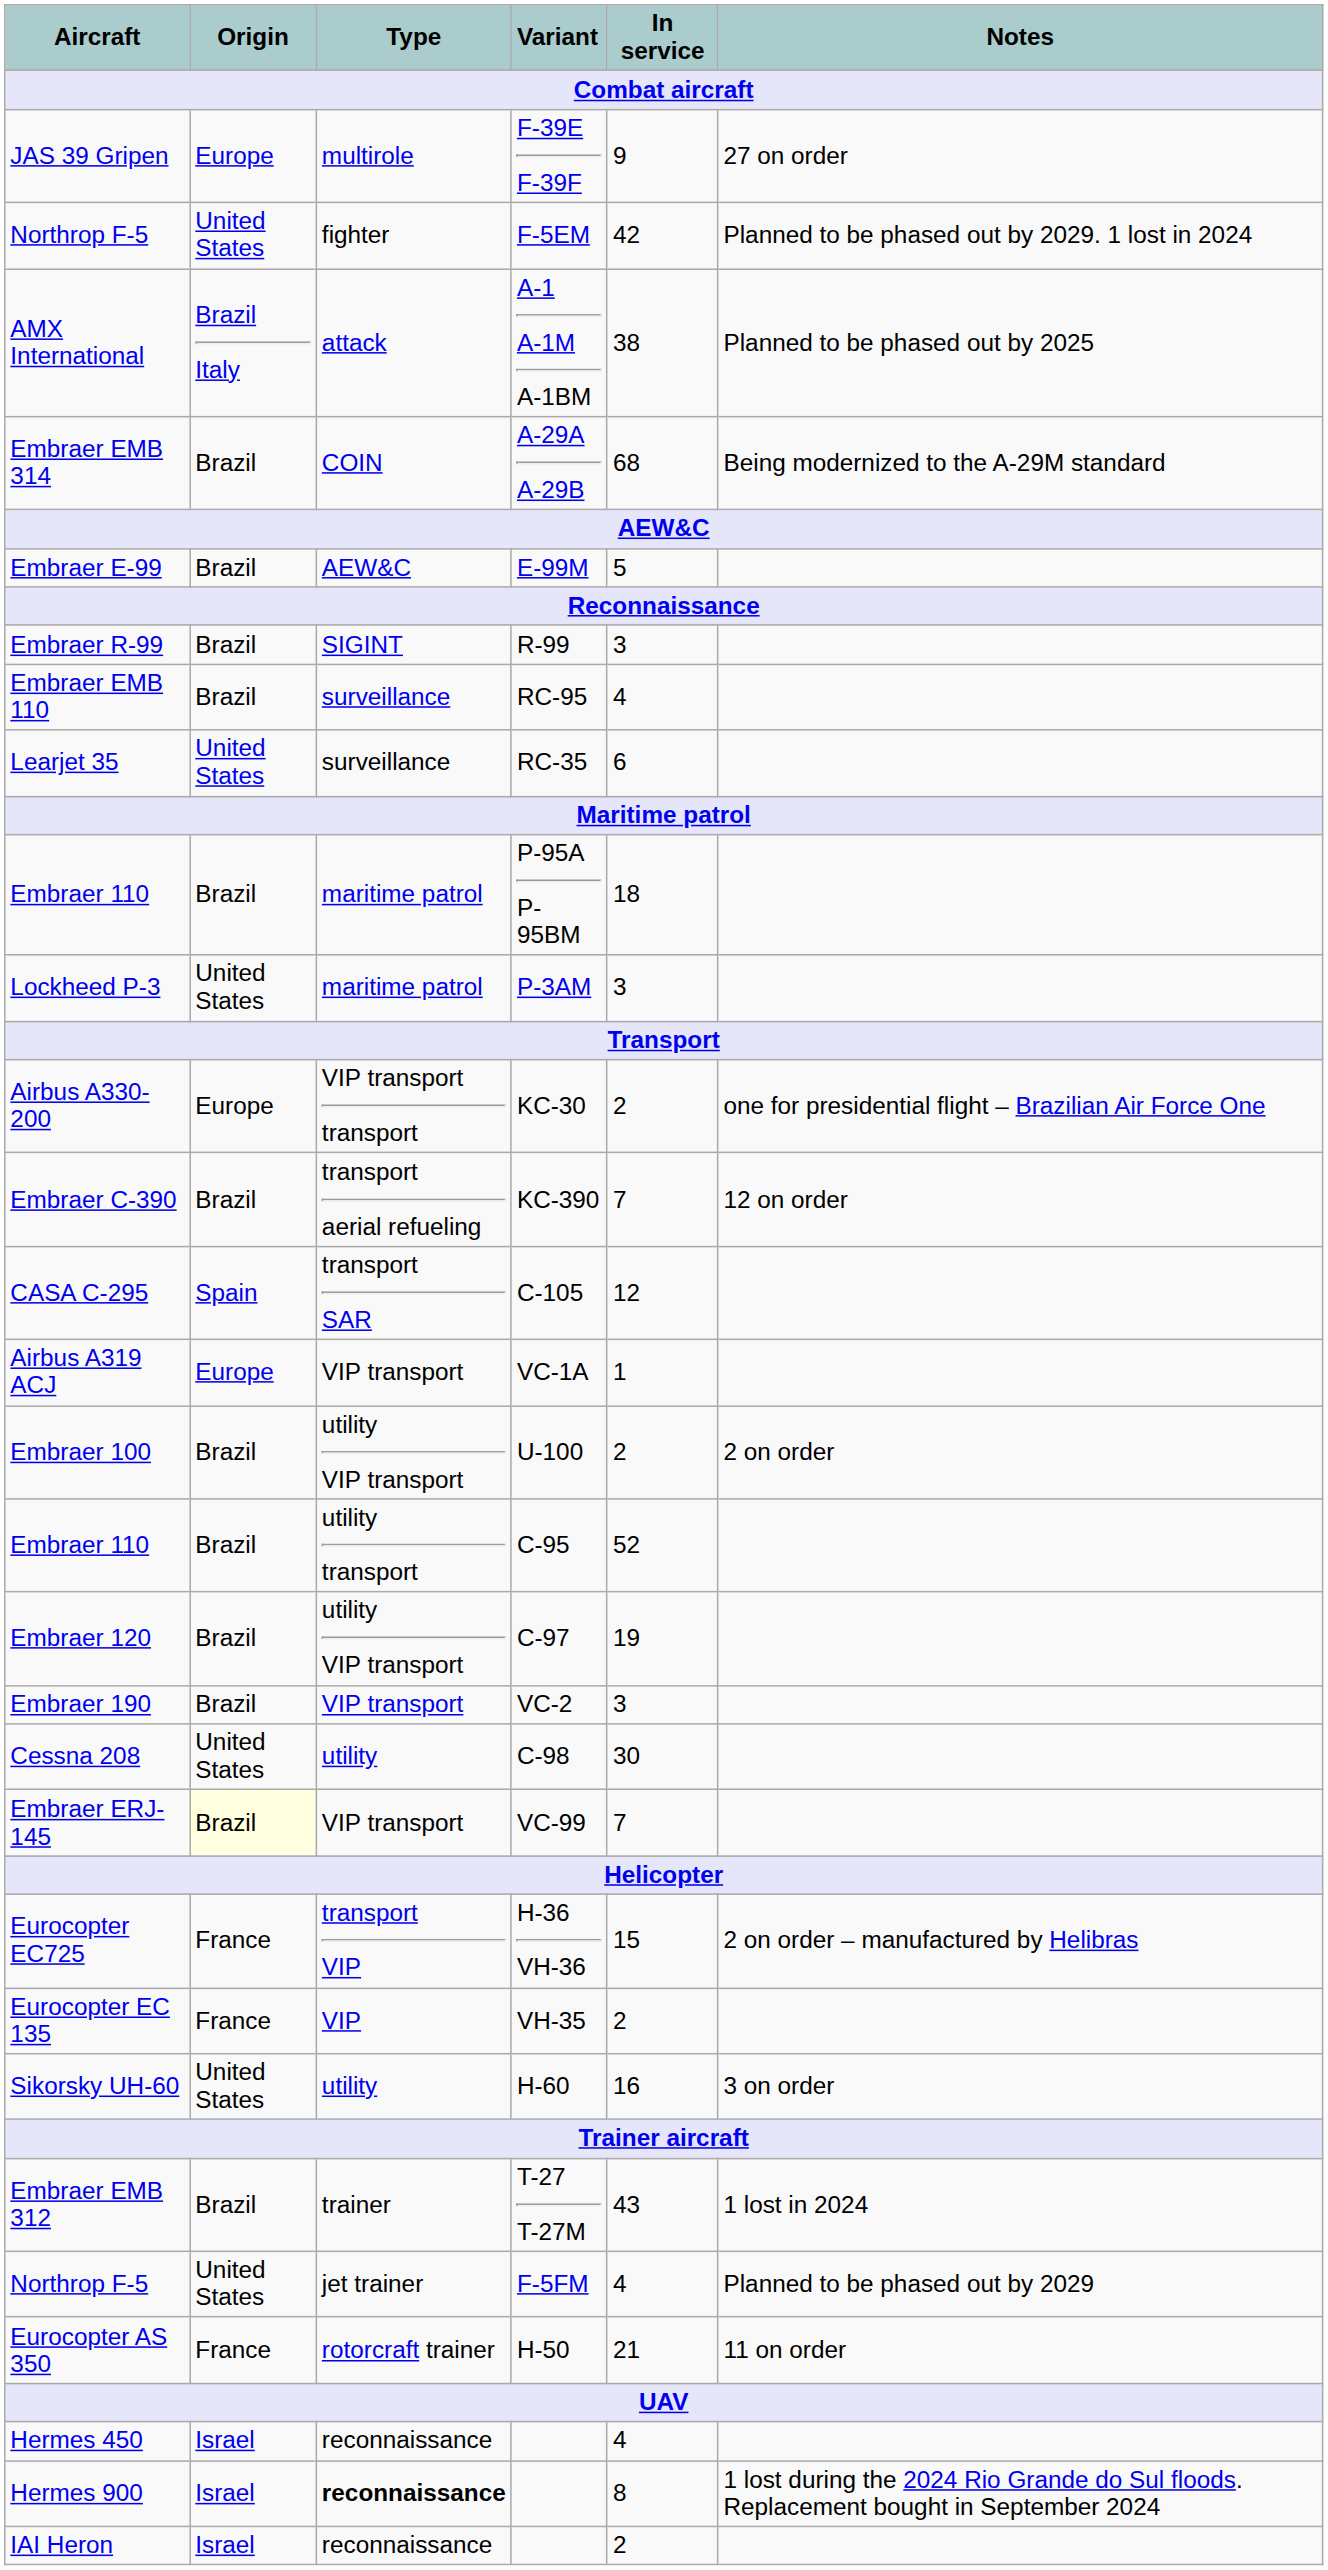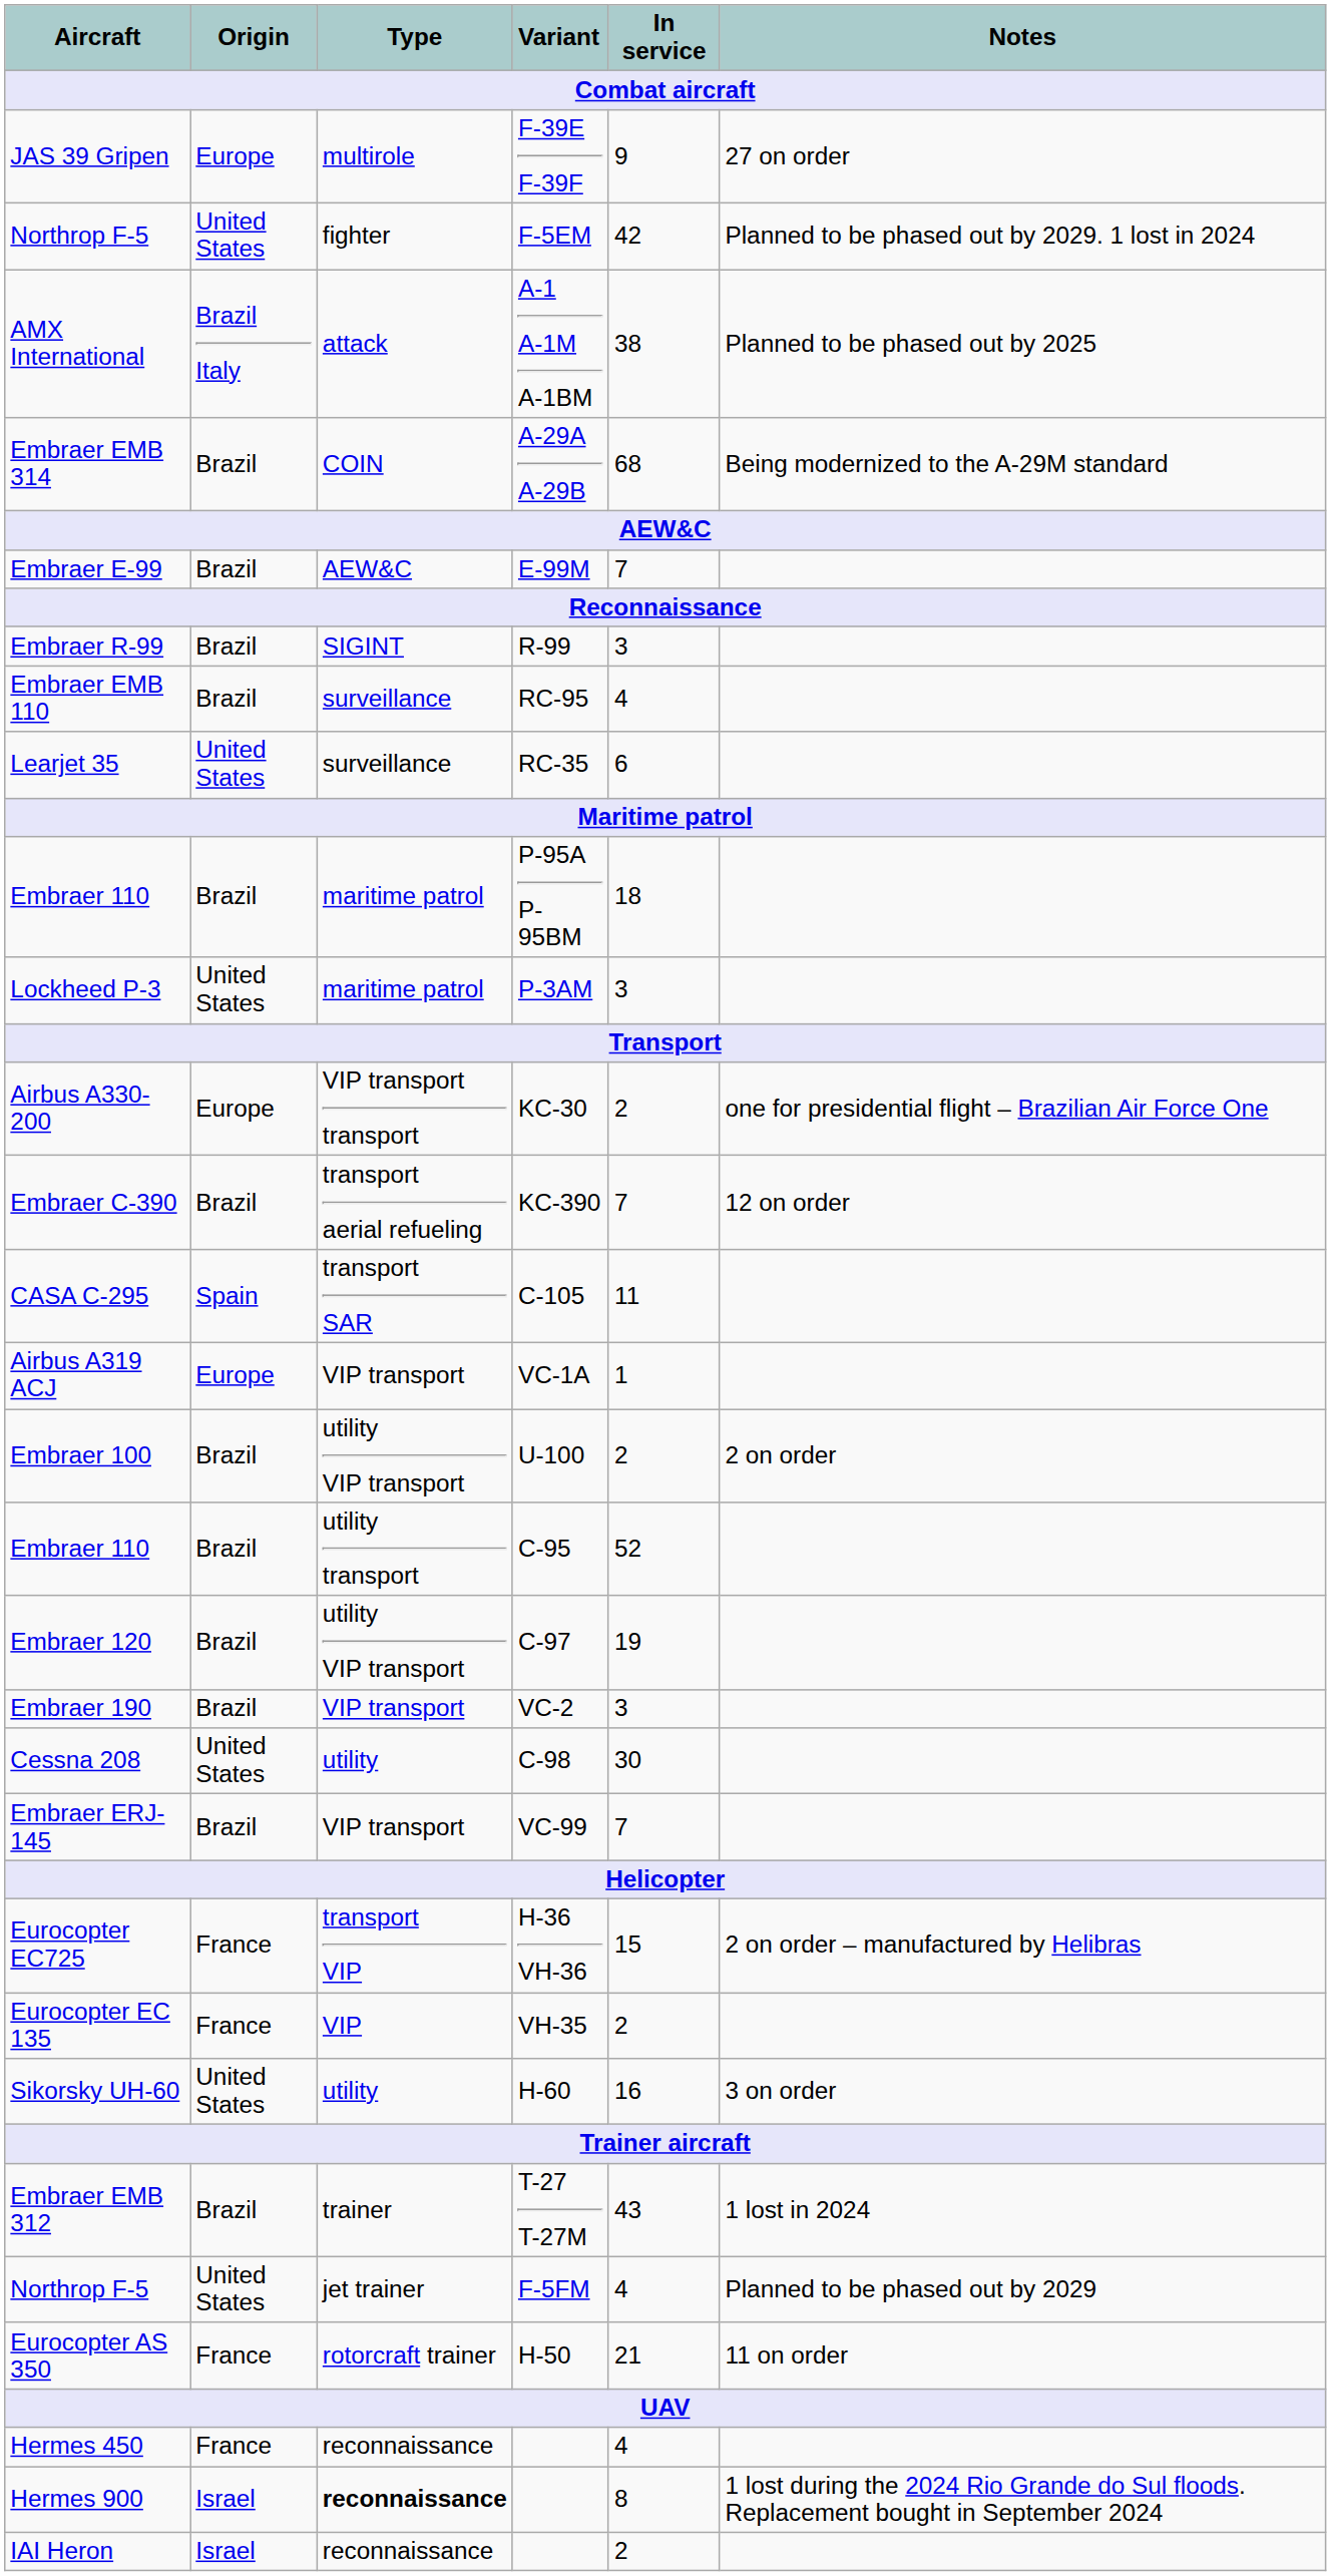 <table class="wikitable">
 <tr>
 <th style="text-align:center; background:#acc;">Aircraft</th>
 <th style="text-align: center; background:#acc;">Origin</th>
 <th style="text-align:l center; background:#acc;">Type</th>
 <th style="text-align:left; background:#acc;">Variant</th>
 <th style="text-align:center; background:#acc;">In service</th>
 <th style="text-align: center; background:#acc;">Notes</th>
 </tr>
 <tr>
 <th style="align: center; background: lavender;" colspan="7"><a href='#'>Combat aircraft</a></th>
 </tr>
 <tr>
 <td><a href='#'>JAS 39 Gripen</a></td>
 <td><a href='#'>Europe</a></td>
 <td><a href='#'>multirole</a></td>
 <td><a href='#'>F-39E</a><hr> <a href='#'>F-39F</a></td>
 <td>9</td>
 <td>27 on order</td>
 </tr>
 <tr>
 <td><a href='#'>Northrop F-5</a></td>
 <td><a href='#'>United States</a></td>
 <td>fighter</td>
 <td><a href='#'>F-5EM</a></td>
 <td>42</td>
 <td>Planned to be phased out by 2029. 1 lost in 2024</td>
 </tr>
 <tr>
 <td><a href='#'>AMX International</a></td>
 <td><a href='#'>Brazil</a><hr><a href='#'>Italy</a></td>
 <td><a href='#'>attack</a></td>
 <td><a href='#'>A-1</a><hr><a href='#'>A-1M</a><hr>A-1BM</td>
 <td>38</td>
 <td>Planned to be phased out by 2025</td>
 </tr>
 <tr>
 <td><a href='#'>Embraer EMB 314</a></td>
 <td>Brazil</td>
 <td><a href='#'>COIN</a></td>
 <td><a href='#'>A-29A</a><hr><a href='#'>A-29B</a></td>
 <td>68</td>
 <td>Being modernized to the A-29M standard</td>
 </tr>
 <tr>
 <th style="align: center; background: lavender;" colspan="7"><a href='#'>AEW&C</a></th>
 </tr>
 <tr>
 <td><a href='#'>Embraer E-99</a></td>
 <td>Brazil</td>
 <td><a href='#'>AEW&C</a></td>
 <td><a href='#'>E-99M</a></td>
-<td>5</td>
+<td>7</td>
 <td></td>
 </tr>
 <tr>
 <th style="align: center; background: lavender;" colspan="7"><a href='#'>Reconnaissance</a></th>
 </tr>
 <tr>
 <td><a href='#'>Embraer R-99</a></td>
 <td>Brazil</td>
 <td><a href='#'>SIGINT</a></td>
 <td>R-99</td>
 <td>3</td>
 <td></td>
 </tr>
 <tr>
 <td><a href='#'>Embraer EMB 110</a></td>
 <td>Brazil</td>
 <td><a href='#'>surveillance</a></td>
 <td>RC-95</td>
 <td>4</td>
 <td></td>
 </tr>
 <tr>
 <td><a href='#'>Learjet 35</a></td>
 <td><a href='#'>United States</a></td>
 <td>surveillance</td>
 <td>RC-35</td>
 <td>6</td>
 <td></td>
 </tr>
 <tr>
 <th style="align: center; background: lavender;" colspan="7"><a href='#'>Maritime patrol</a></th>
 </tr>
 <tr>
 <td><a href='#'>Embraer 110</a></td>
 <td>Brazil</td>
 <td><a href='#'>maritime patrol</a></td>
 <td>P-95A<hr>P-95BM</td>
 <td>18</td>
 <td></td>
 </tr>
 <tr>
 <td><a href='#'>Lockheed P-3</a></td>
 <td>United States</td>
 <td><a href='#'>maritime patrol</a></td>
 <td><a href='#'>P-3AM</a></td>
 <td>3</td>
 <td></td>
 </tr>
 <tr>
 <th style="align: center; background: lavender;" colspan="7"><a href='#'>Transport</a></th>
 </tr>
 <tr>
 <td><a href='#'>Airbus A330-200</a></td>
 <td>Europe</td>
 <td>VIP transport<hr>transport</td>
 <td>KC-30</td>
 <td>2</td>
 <td>one for presidential flight – <a href='#'>Brazilian Air Force One</a></td>
 </tr>
 <tr>
 <td><a href='#'>Embraer C-390</a></td>
 <td>Brazil</td>
 <td>transport<hr>aerial refueling</td>
 <td>KC-390</td>
 <td>7</td>
 <td>12 on order</td>
 </tr>
 <tr>
 <td><a href='#'>CASA C-295</a></td>
 <td><a href='#'>Spain</a></td>
 <td>transport<hr><a href='#'>SAR</a></td>
 <td>C-105</td>
-<td>12</td>
+<td>11</td>
 <td></td>
 </tr>
 <tr>
 <td><a href='#'>Airbus A319 ACJ</a></td>
 <td><a href='#'>Europe</a></td>
 <td>VIP transport</td>
 <td>VC-1A</td>
 <td>1</td>
 <td></td>
 </tr>
 <tr>
 <td><a href='#'>Embraer 100</a></td>
 <td>Brazil</td>
 <td>utility<hr>VIP transport</td>
 <td>U-100</td>
 <td>2</td>
 <td>2 on order</td>
 </tr>
 <tr>
 <td><a href='#'>Embraer 110</a></td>
 <td>Brazil</td>
 <td>utility<hr>transport</td>
 <td>C-95</td>
 <td>52</td>
 <td></td>
 </tr>
 <tr>
 <td><a href='#'>Embraer 120</a></td>
 <td>Brazil</td>
 <td>utility<hr>VIP transport</td>
 <td>C-97</td>
 <td>19</td>
 <td></td>
 </tr>
 <tr>
 <td><a href='#'>Embraer 190</a></td>
 <td>Brazil</td>
 <td><a href='#'>VIP transport</a></td>
 <td>VC-2</td>
 <td>3</td>
 <td></td>
 </tr>
 <tr>
 <td><a href='#'>Cessna 208</a></td>
 <td>United States</td>
 <td><a href='#'>utility</a></td>
 <td>C-98</td>
 <td>30</td>
 <td></td>
 </tr>
 <tr>
 <td><a href='#'>Embraer ERJ-145</a></td>
-<td style="background: lightyellow;">Brazil</td>
+<td>Brazil</td>
 <td>VIP transport</td>
 <td>VC-99</td>
 <td>7</td>
 <td></td>
 </tr>
 <tr>
 <th style="align: center; background: lavender;" colspan="7"><a href='#'>Helicopter</a></th>
 </tr>
 <tr>
 <td><a href='#'>Eurocopter EC725</a></td>
 <td>France</td>
 <td><a href='#'>transport</a><hr><a href='#'>VIP</a></td>
 <td>H-36<hr>VH-36</td>
 <td>15</td>
 <td>2 on order – manufactured by <a href='#'>Helibras</a></td>
 </tr>
 <tr>
 <td><a href='#'>Eurocopter EC 135</a></td>
 <td>France</td>
 <td><a href='#'>VIP</a></td>
 <td>VH-35</td>
 <td>2</td>
 <td></td>
 </tr>
 <tr>
 <td><a href='#'>Sikorsky UH-60</a></td>
 <td>United States</td>
 <td><a href='#'>utility</a></td>
 <td>H-60</td>
 <td>16</td>
 <td>3 on order</td>
 </tr>
 <tr>
 <th style="align: center; background: lavender;" colspan="7"><a href='#'>Trainer aircraft</a></th>
 </tr>
 <tr>
 <td><a href='#'>Embraer EMB 312</a></td>
 <td>Brazil</td>
 <td>trainer</td>
 <td>T-27<hr>T-27M</td>
 <td>43</td>
 <td>1 lost in 2024</td>
 </tr>
 <tr>
 <td><a href='#'>Northrop F-5</a></td>
 <td>United States</td>
 <td>jet trainer</td>
 <td><a href='#'>F-5FM</a></td>
 <td>4</td>
 <td>Planned to be phased out by 2029</td>
 </tr>
 <tr>
 <td><a href='#'>Eurocopter AS 350</a></td>
 <td>France</td>
 <td><a href='#'>rotorcraft</a> trainer</td>
 <td>H-50</td>
 <td>21</td>
 <td>11 on order</td>
 </tr>
 <tr>
 <th style="align: center; background: lavender;" colspan="7"><a href='#'>UAV</a></th>
 </tr>
 <tr>
 <td><a href='#'>Hermes 450</a></td>
-<td><a href='#'>Israel</a></td>
+<td>France</td>
 <td>reconnaissance</td>
 <td></td>
 <td>4</td>
 <td></td>
 </tr>
 <tr>
 <td><a href='#'>Hermes 900</a></td>
 <td><a href='#'>Israel</a></td>
 <td><strong>reconnaissance</strong></td>
 <td></td>
 <td>8</td>
 <td>1 lost during the <a href='#'>2024 Rio Grande do Sul floods</a>. Replacement bought in September 2024</td>
 </tr>
 <tr>
 <td><a href='#'>IAI Heron</a></td>
 <td><a href='#'>Israel</a></td>
 <td>reconnaissance</td>
 <td></td>
 <td>2</td>
 <td></td>
 </tr>
 </table>
